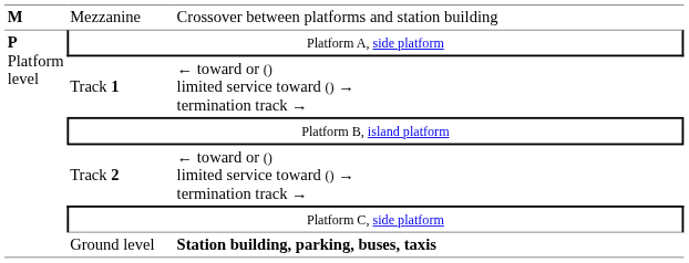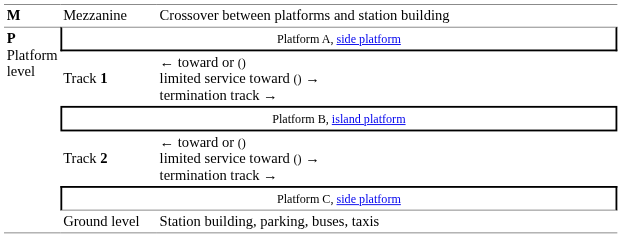 <table border=0 cellspacing=0 cellpadding=3>
 <tr>
 <td style="border-top:solid 1px gray;" width=50><strong>M</strong></td>
 <td style="border-top:solid 1px gray;" width=100>Mezzanine</td>
 <td style="border-top:solid 1px gray;" width=500>Crossover between platforms and station building</td>
 </tr>
 <tr>
 <td style="border-top:solid 1px gray;border-bottom:solid 1px gray;" rowspan=6 valign=top><strong>P</strong><br>Platform level</td>
 <td style="border-top:solid 1px gray;border-right:solid 2px black;border-left:solid 2px black;border-bottom:solid 2px black;text-align:center;" colspan=2><small>Platform A, <a href='#'>side platform</a></small> </td>
 </tr>
 <tr>
 <td>Track <strong>1</strong></td>
 <td>←  toward  or  <small>()</small><br>  limited service toward  <small>()</small> →<br>  termination track →</td>
 </tr>
 <tr>
 <td style="border: 2px solid black; border-image: none; text-align: center;" colspan="2"><small>Platform B, <a href='#'>island platform</a></small> </td>
 </tr>
 <tr>
 <td>Track <strong>2</strong></td>
 <td>←  toward  or  <small>()</small><br>  limited service toward  <small>()</small> →<br>  termination track →</td>
 </tr>
 <tr>
 <td style="border-top:solid 2px black;border-right:solid 2px black;border-left:solid 2px black;border-bottom:solid 1px gray;text-align:center;" colspan=2><small>Platform C, <a href='#'>side platform</a></small> </td>
 </tr>
 <tr>
 <td style="border-bottom:solid 1px gray;">Ground level</td>
-<td style="border-bottom:solid 1px gray;"><strong>Station building, parking, buses, taxis</strong></td>
+<td style="border-bottom:solid 1px gray;">Station building, parking, buses, taxis</td>
 </tr>
 </table>
